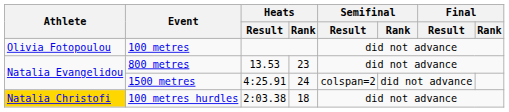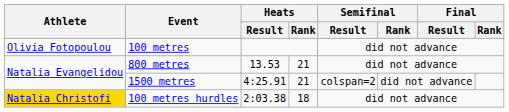 <table class="wikitable" border="1" style="font-size:90%">
 <tr>
 <th rowspan="2">Athlete</th>
 <th rowspan="2">Event</th>
 <th colspan="2">Heats</th>
 <th colspan="2">Semifinal</th>
 <th colspan="2">Final</th>
 </tr>
 <tr>
 <th>Result</th>
 <th>Rank</th>
 <th>Result</th>
 <th>Rank</th>
 <th>Result</th>
 <th>Rank</th>
 </tr>
 <tr align=center>
 <td align=left><a href='#'>Olivia Fotopoulou</a></td>
 <td align=left><a href='#'>100 metres</a></td>
 <td colspan=2></td>
 <td align=center colspan=4>did not advance</td>
 </tr>
 <tr align=center>
 <td align=left rowspan=2><a href='#'>Natalia Evangelidou</a></td>
 <td align=left><a href='#'>800 metres</a></td>
 <td>13.53</td>
-<td>23</td>
+<td>21</td>
 <td align=center colspan=4>did not advance</td>
 </tr>
 <tr align=center>
 <td align=left><a href='#'>1500 metres</a></td>
 <td>4:25.91</td>
-<td>24</td>
+<td>21</td>
 <td>colspan=2</td>
 <td align=center colspan=2>did not advance</td>
 </tr>
 <tr align=center>
 <td align=left style="background: gold;"><a href='#'>Natalia Christofi</a></td>
 <td align=left><a href='#'>100 metres hurdles</a></td>
 <td>2:03.38</td>
 <td>18</td>
 <td align=center colspan=4>did not advance</td>
 </tr>
 </table>
